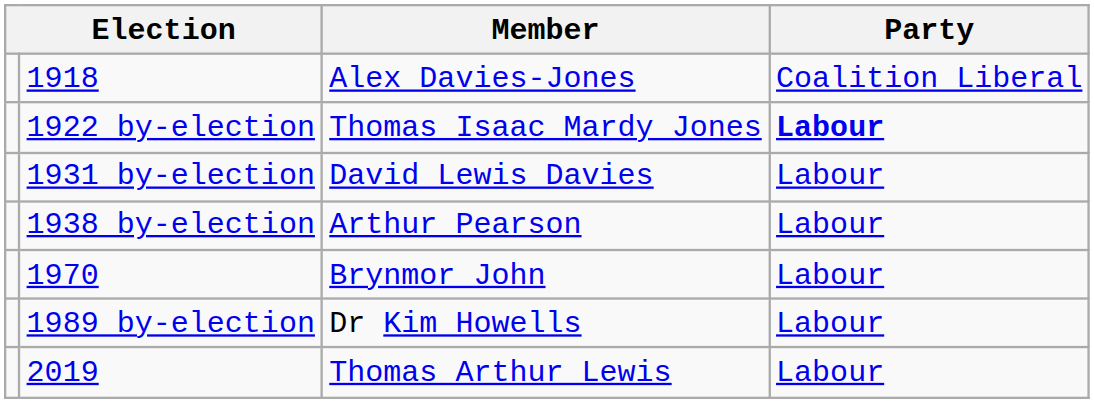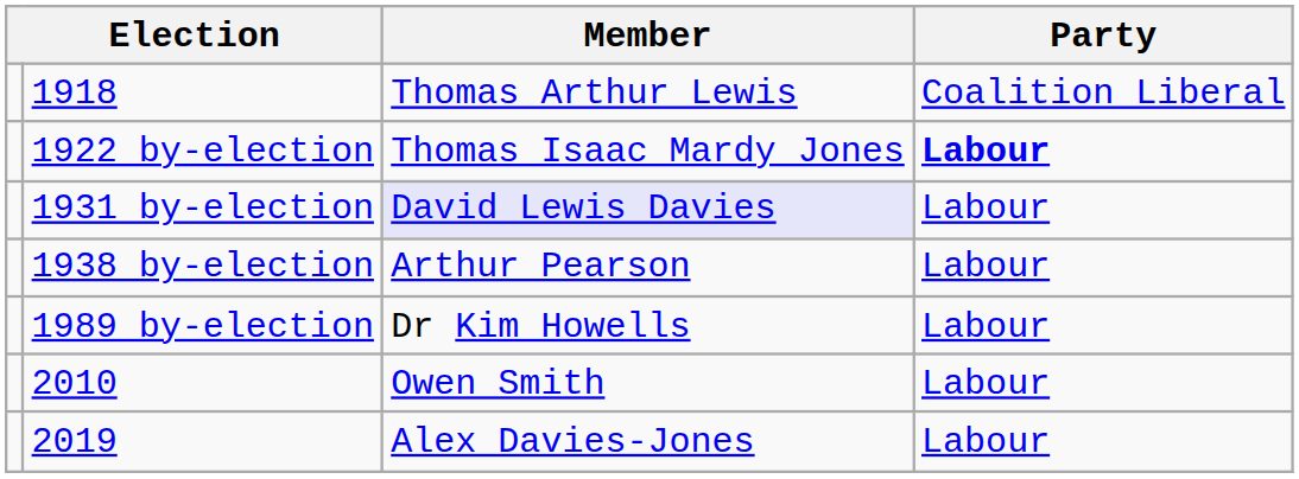 <table class ="wikitable">
 <tr>
 <th colspan="2">Election</th>
 <th>Member</th>
 <th>Party</th>
 </tr>
 <tr>
 <td style="color:inherit;background-color: "></td>
 <td><a href='#'>1918</a></td>
-<td><a href='#'>Alex Davies-Jones</a></td>
+<td><a href='#'>Thomas Arthur Lewis</a></td>
 <td><a href='#'>Coalition Liberal</a></td>
 </tr>
 <tr>
 <td style="color:inherit;background-color: "></td>
 <td><a href='#'>1922 by-election</a></td>
 <td><a href='#'>Thomas Isaac Mardy Jones</a></td>
 <td><strong><a href='#'>Labour</a></strong></td>
 </tr>
 <tr>
 <td style="color:inherit;background-color: "></td>
 <td><a href='#'>1931 by-election</a></td>
-<td><a href='#'>David Lewis Davies</a></td>
+<td style="background: lavender;"><a href='#'>David Lewis Davies</a></td>
 <td><a href='#'>Labour</a></td>
 </tr>
 <tr>
 <td style="color:inherit;background-color: "></td>
 <td><a href='#'>1938 by-election</a></td>
 <td><a href='#'>Arthur Pearson</a></td>
 <td><a href='#'>Labour</a></td>
 </tr>
 <tr>
 <td style="color:inherit;background-color: "></td>
-<td><a href='#'>1970</a></td>
-<td><a href='#'>Brynmor John</a></td>
-<td><a href='#'>Labour</a></td>
-</tr>
-<tr>
-<td style="color:inherit;background-color: "></td>
 <td><a href='#'>1989 by-election</a></td>
 <td>Dr <a href='#'>Kim Howells</a></td>
 <td><a href='#'>Labour</a></td>
 </tr>
 <tr>
 <td style="color:inherit;background-color: "></td>
+<td><a href='#'>2010</a></td>
+<td><a href='#'>Owen Smith</a></td>
+<td><a href='#'>Labour</a></td>
+</tr>
+<tr>
+<td style="color:inherit;background-color: "></td>
 <td><a href='#'>2019</a></td>
-<td><a href='#'>Thomas Arthur Lewis</a></td>
+<td><a href='#'>Alex Davies-Jones</a></td>
 <td><a href='#'>Labour</a></td>
 </tr>
 </table>
